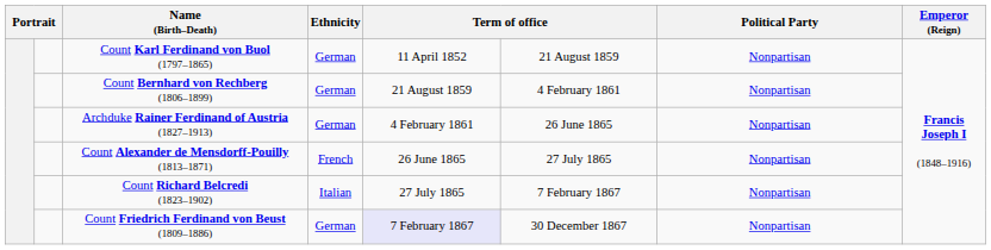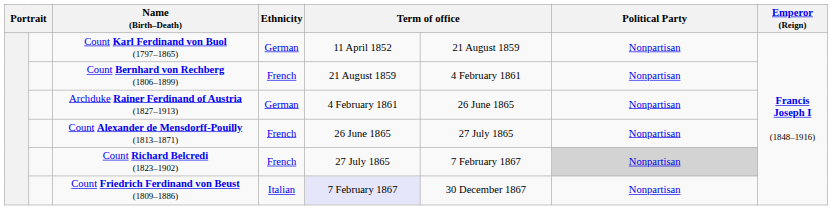 <table class="wikitable" style="text-align: center;">
 <tr>
 <th width=70 colspan=2>Portrait</th>
 <th width=25%>Name<br><small>(Birth–Death)</small></th>
 <th>Ethnicity</th>
 <th width=30% colspan=2>Term of office</th>
 <th width=25%>Political Party</th>
 <th><a href='#'>Emperor</a><br><small>(Reign)</small></th>
 </tr>
 <tr>
 <th rowspan=6 style="background:"></th>
 <td></td>
 <td><a href='#'>Count</a> <strong><a href='#'>Karl Ferdinand von Buol</a></strong><br><small>(1797–1865)</small></td>
 <td><a href='#'>German</a></td>
 <td>11 April 1852</td>
 <td>21 August 1859</td>
 <td><a href='#'>Nonpartisan</a></td>
 <td rowspan=6><strong><a href='#'>Francis Joseph I</a></strong><br><br><small>(1848–1916)</small></td>
 </tr>
 <tr>
 <td></td>
 <td><a href='#'>Count</a> <strong><a href='#'>Bernhard von Rechberg</a></strong><br><small>(1806–1899)</small></td>
-<td><a href='#'>German</a></td>
+<td><a href='#'>French</a></td>
 <td>21 August 1859</td>
 <td>4 February 1861</td>
 <td><a href='#'>Nonpartisan</a></td>
 </tr>
 <tr>
 <td></td>
 <td><a href='#'>Archduke</a> <strong><a href='#'>Rainer Ferdinand of Austria</a></strong><br><small>(1827–1913)</small></td>
 <td><a href='#'>German</a></td>
 <td>4 February 1861</td>
 <td>26 June 1865</td>
 <td><a href='#'>Nonpartisan</a></td>
 </tr>
 <tr>
 <td></td>
 <td><a href='#'>Count</a> <strong><a href='#'>Alexander de Mensdorff-Pouilly</a></strong><br><small>(1813–1871)</small></td>
 <td><a href='#'>French</a></td>
 <td>26 June 1865</td>
 <td>27 July 1865</td>
 <td><a href='#'>Nonpartisan</a></td>
 </tr>
 <tr>
 <td></td>
 <td><a href='#'>Count</a> <strong><a href='#'>Richard Belcredi</a></strong><br><small>(1823–1902)</small></td>
-<td><a href='#'>Italian</a></td>
+<td><a href='#'>French</a></td>
 <td>27 July 1865</td>
 <td>7 February 1867</td>
-<td><a href='#'>Nonpartisan</a></td>
+<td style="background: lightgrey;"><a href='#'>Nonpartisan</a></td>
 </tr>
 <tr>
 <td></td>
 <td><a href='#'>Count</a> <strong><a href='#'>Friedrich Ferdinand von Beust</a></strong><br><small>(1809–1886)</small></td>
-<td><a href='#'>German</a></td>
+<td><a href='#'>Italian</a></td>
 <td style="background: lavender;">7 February 1867</td>
 <td>30 December 1867</td>
 <td><a href='#'>Nonpartisan</a></td>
 </tr>
 </table>
